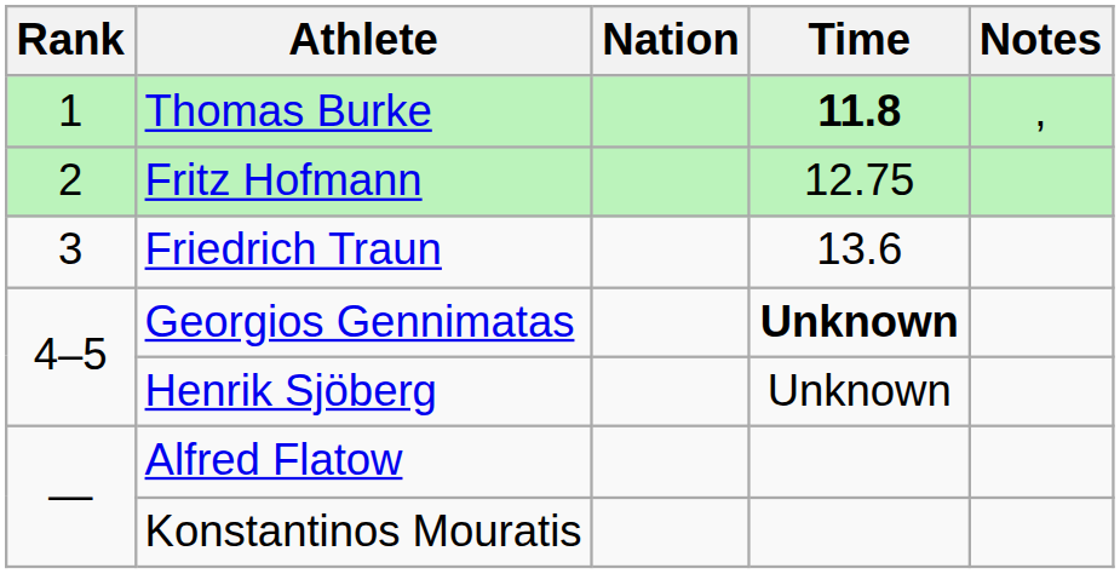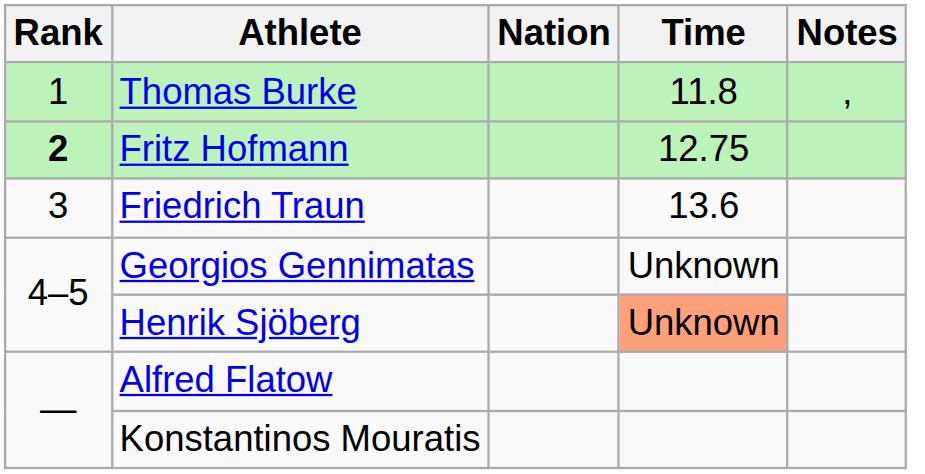 <table class="wikitable sortable" style="text-align:center">
 <tr>
 <th>Rank</th>
 <th>Athlete</th>
 <th>Nation</th>
 <th>Time</th>
 <th>Notes</th>
 </tr>
 <tr style="background:#bbf3bb;">
 <td>1</td>
 <td align=left><a href='#'>Thomas Burke</a></td>
 <td align=left></td>
-<td><strong>11.8</strong></td>
+<td>11.8</td>
 <td>, </td>
 </tr>
 <tr style="background:#bbf3bb;">
-<td>2</td>
+<td><strong>2</strong></td>
 <td align=left><a href='#'>Fritz Hofmann</a></td>
 <td align=left></td>
 <td>12.75</td>
 <td></td>
 </tr>
 <tr>
 <td>3</td>
 <td align=left><a href='#'>Friedrich Traun</a></td>
 <td align=left></td>
 <td>13.6</td>
 <td></td>
 </tr>
 <tr>
 <td rowspan=2>4–5</td>
 <td align=left><a href='#'>Georgios Gennimatas</a></td>
 <td align=left></td>
-<td data-sort-value=60.0><strong>Unknown</strong></td>
+<td data-sort-value=60.0>Unknown</td>
 <td></td>
 </tr>
 <tr>
 <td align=left><a href='#'>Henrik Sjöberg</a></td>
 <td align=left></td>
-<td data-sort-value=60.0>Unknown</td>
+<td data-sort-value=60.0 style="background: lightsalmon;">Unknown</td>
 <td></td>
 </tr>
 <tr>
 <td rowspan=2 data-sort-value=6>—</td>
 <td align=left><a href='#'>Alfred Flatow</a></td>
 <td align=left></td>
 <td data-sort-value=99.9></td>
 <td></td>
 </tr>
 <tr>
 <td align=left>Konstantinos Mouratis</td>
 <td align=left></td>
 <td data-sort-value=99.9></td>
 <td></td>
 </tr>
 </table>
